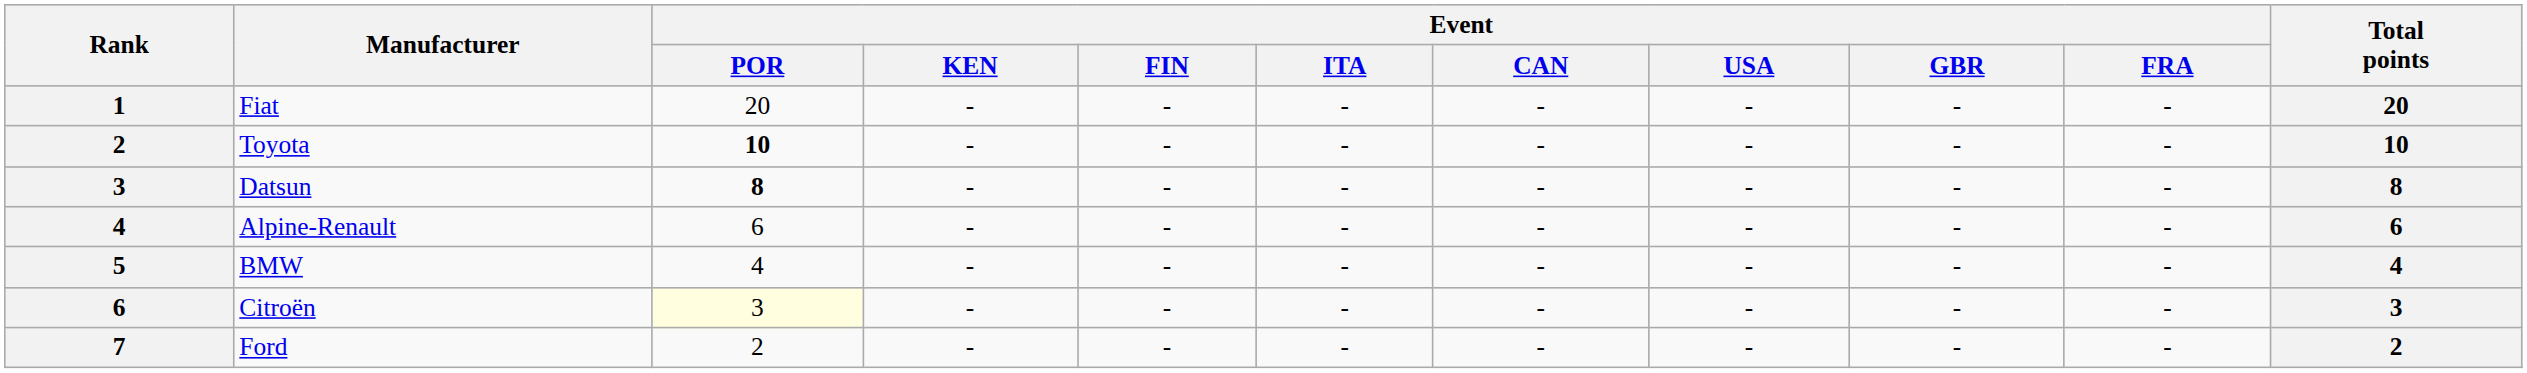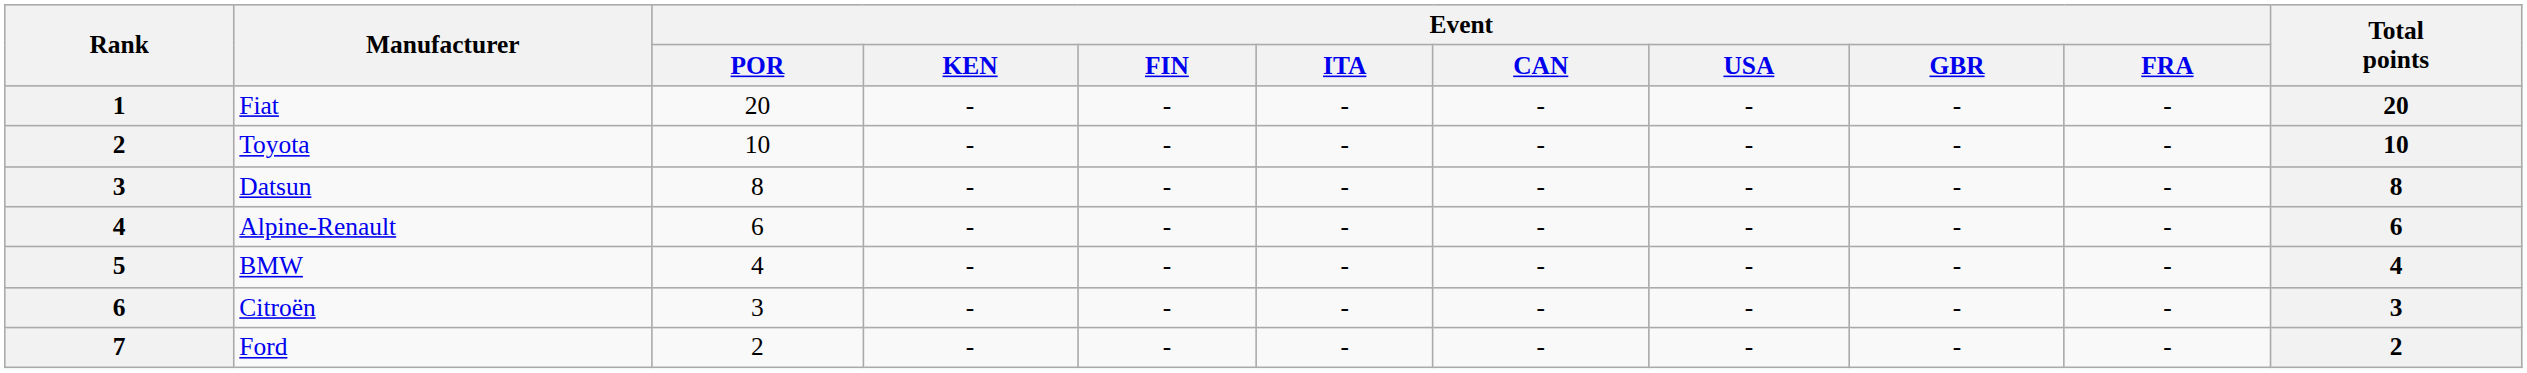 <table class="wikitable" width=100% style="text-align:center;">
 <tr>
 <th rowspan=2>Rank</th>
 <th rowspan=2 style="width:16em">Manufacturer</th>
 <th colspan=8>Event</th>
 <th rowspan=2>Total<br>points</th>
 </tr>
 <tr valign="top">
 <th><a href='#'>POR</a><br></th>
 <th><a href='#'>KEN</a><br></th>
 <th><a href='#'>FIN</a><br></th>
 <th><a href='#'>ITA</a><br></th>
 <th><a href='#'>CAN</a><br></th>
 <th><a href='#'>USA</a><br></th>
 <th><a href='#'>GBR</a><br></th>
 <th><a href='#'>FRA</a><br></th>
 </tr>
 <tr>
 <th>1</th>
 <td align=left> <a href='#'>Fiat</a></td>
 <td>20</td>
 <td>-</td>
 <td>-</td>
 <td>-</td>
 <td>-</td>
 <td>-</td>
 <td>-</td>
 <td>-</td>
 <th>20</th>
 </tr>
 <tr>
 <th>2</th>
 <td align=left> <a href='#'>Toyota</a></td>
-<td><strong>10</strong></td>
+<td>10</td>
 <td>-</td>
 <td>-</td>
 <td>-</td>
 <td>-</td>
 <td>-</td>
 <td>-</td>
 <td>-</td>
 <th>10</th>
 </tr>
 <tr>
 <th>3</th>
 <td align=left> <a href='#'>Datsun</a></td>
-<td><strong>8</strong></td>
+<td>8</td>
 <td>-</td>
 <td>-</td>
 <td>-</td>
 <td>-</td>
 <td>-</td>
 <td>-</td>
 <td>-</td>
 <th>8</th>
 </tr>
 <tr>
 <th>4</th>
 <td align=left> <a href='#'>Alpine-Renault</a></td>
 <td>6</td>
 <td>-</td>
 <td>-</td>
 <td>-</td>
 <td>-</td>
 <td>-</td>
 <td>-</td>
 <td>-</td>
 <th>6</th>
 </tr>
 <tr>
 <th>5</th>
 <td align=left> <a href='#'>BMW</a></td>
 <td>4</td>
 <td>-</td>
 <td>-</td>
 <td>-</td>
 <td>-</td>
 <td>-</td>
 <td>-</td>
 <td>-</td>
 <th>4</th>
 </tr>
 <tr>
 <th>6</th>
 <td align=left> <a href='#'>Citroën</a></td>
-<td style="background: lightyellow;">3</td>
+<td>3</td>
 <td>-</td>
 <td>-</td>
 <td>-</td>
 <td>-</td>
 <td>-</td>
 <td>-</td>
 <td>-</td>
 <th>3</th>
 </tr>
 <tr>
 <th>7</th>
 <td align=left> <a href='#'>Ford</a></td>
 <td>2</td>
 <td>-</td>
 <td>-</td>
 <td>-</td>
 <td>-</td>
 <td>-</td>
 <td>-</td>
 <td>-</td>
 <th>2</th>
 </tr>
 </table>
